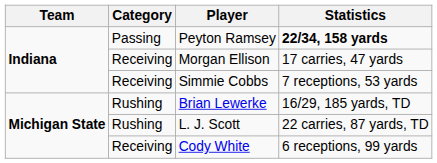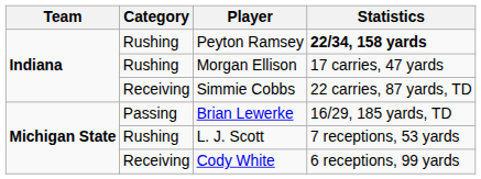 <table class="wikitable" style="float: right;">
 <tr>
 <th>Team</th>
 <th>Category</th>
 <th>Player</th>
 <th>Statistics</th>
 </tr>
 <tr>
 <td rowspan=3><strong>Indiana</strong></td>
-<td>Passing</td>
+<td>Rushing</td>
 <td>Peyton Ramsey</td>
 <td><strong>22/34, 158 yards</strong></td>
 </tr>
 <tr>
-<td>Receiving</td>
+<td>Rushing</td>
 <td>Morgan Ellison</td>
 <td>17 carries, 47 yards</td>
 </tr>
 <tr>
 <td>Receiving</td>
 <td>Simmie Cobbs</td>
-<td>7 receptions, 53 yards</td>
+<td>22 carries, 87 yards, TD</td>
 </tr>
 <tr>
 <td rowspan=3><strong>Michigan State</strong></td>
-<td>Rushing</td>
+<td>Passing</td>
 <td><a href='#'>Brian Lewerke</a></td>
 <td>16/29, 185 yards, TD</td>
 </tr>
 <tr>
 <td>Rushing</td>
 <td>L. J. Scott</td>
-<td>22 carries, 87 yards, TD</td>
+<td>7 receptions, 53 yards</td>
 </tr>
 <tr>
 <td>Receiving</td>
 <td><a href='#'>Cody White</a></td>
 <td>6 receptions, 99 yards</td>
 </tr>
 </table>
